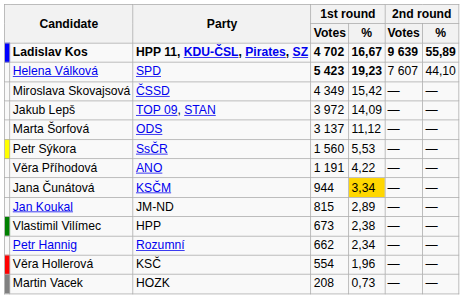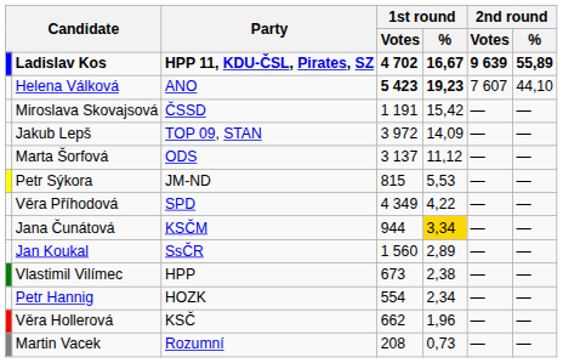 <table class="wikitable sortable">
 <tr>
 <th colspan="2" rowspan="2">Candidate</th>
 <th rowspan="2">Party</th>
 <th colspan="2">1st round</th>
 <th colspan="2">2nd round</th>
 </tr>
 <tr>
 <th>Votes</th>
 <th>%</th>
 <th>Votes</th>
 <th>%</th>
 </tr>
 <tr>
 <td style="background-color:blue"></td>
 <td><strong>Ladislav Kos</strong></td>
 <td><strong>HPP 11, <a href='#'>KDU-ČSL</a>, <a href='#'>Pirates</a>, <a href='#'>SZ</a></strong></td>
 <td><strong>4 702</strong></td>
 <td><strong>16,67</strong></td>
 <td><strong>9 639</strong></td>
 <td><strong>55,89</strong></td>
 </tr>
 <tr>
 <td style="background-color:"></td>
 <td><a href='#'>Helena Válková</a></td>
-<td><a href='#'>SPD</a></td>
+<td><a href='#'>ANO</a></td>
 <td><strong>5 423</strong></td>
 <td><strong>19,23</strong></td>
 <td>7 607</td>
 <td>44,10</td>
 </tr>
 <tr>
 <td style="background-color:"></td>
 <td>Miroslava Skovajsová</td>
 <td><a href='#'>ČSSD</a></td>
-<td>4 349</td>
+<td>1 191</td>
 <td>15,42</td>
 <td>—</td>
 <td>—</td>
 </tr>
 <tr>
 <td style="background-color:"></td>
 <td>Jakub Lepš</td>
 <td><a href='#'>TOP 09</a>, <a href='#'>STAN</a></td>
 <td>3 972</td>
 <td>14,09</td>
 <td>—</td>
 <td>—</td>
 </tr>
 <tr>
 <td style="background-color:"></td>
 <td>Marta Šorfová</td>
 <td><a href='#'>ODS</a></td>
 <td>3 137</td>
 <td>11,12</td>
 <td>—</td>
 <td>—</td>
 </tr>
 <tr>
 <td style="background-color:yellow"></td>
 <td>Petr Sýkora</td>
-<td><a href='#'>SsČR</a></td>
-<td>1 560</td>
+<td>JM-ND</td>
+<td>815</td>
 <td>5,53</td>
 <td>—</td>
 <td>—</td>
 </tr>
 <tr>
 <td style="background-color:"></td>
 <td>Věra Příhodová</td>
-<td><a href='#'>ANO</a></td>
-<td>1 191</td>
+<td><a href='#'>SPD</a></td>
+<td>4 349</td>
 <td>4,22</td>
 <td>—</td>
 <td>—</td>
 </tr>
 <tr>
 <td style="background-color:"></td>
 <td>Jana Čunátová</td>
 <td><a href='#'>KSČM</a></td>
 <td>944</td>
 <td style="background: gold;">3,34</td>
 <td>—</td>
 <td>—</td>
 </tr>
 <tr>
 <td style="background-color:"></td>
 <td><a href='#'>Jan Koukal</a></td>
-<td>JM-ND</td>
-<td>815</td>
+<td><a href='#'>SsČR</a></td>
+<td>1 560</td>
 <td>2,89</td>
 <td>—</td>
 <td>—</td>
 </tr>
 <tr>
 <td style="background-color:green"></td>
 <td>Vlastimil Vilímec</td>
 <td>HPP</td>
 <td>673</td>
 <td>2,38</td>
 <td>—</td>
 <td>—</td>
 </tr>
 <tr>
 <td style="background-color:"></td>
 <td><a href='#'>Petr Hannig</a></td>
-<td><a href='#'>Rozumní</a></td>
-<td>662</td>
+<td>HOZK</td>
+<td>554</td>
 <td>2,34</td>
 <td>—</td>
 <td>—</td>
 </tr>
 <tr>
 <td style="background-color:red"></td>
 <td>Věra Hollerová</td>
 <td>KSČ</td>
-<td>554</td>
+<td>662</td>
 <td>1,96</td>
 <td>—</td>
 <td>—</td>
 </tr>
 <tr>
 <td style="background-color:grey"></td>
 <td>Martin Vacek</td>
-<td>HOZK</td>
+<td><a href='#'>Rozumní</a></td>
 <td>208</td>
 <td>0,73</td>
 <td>—</td>
 <td>—</td>
 </tr>
 </table>
